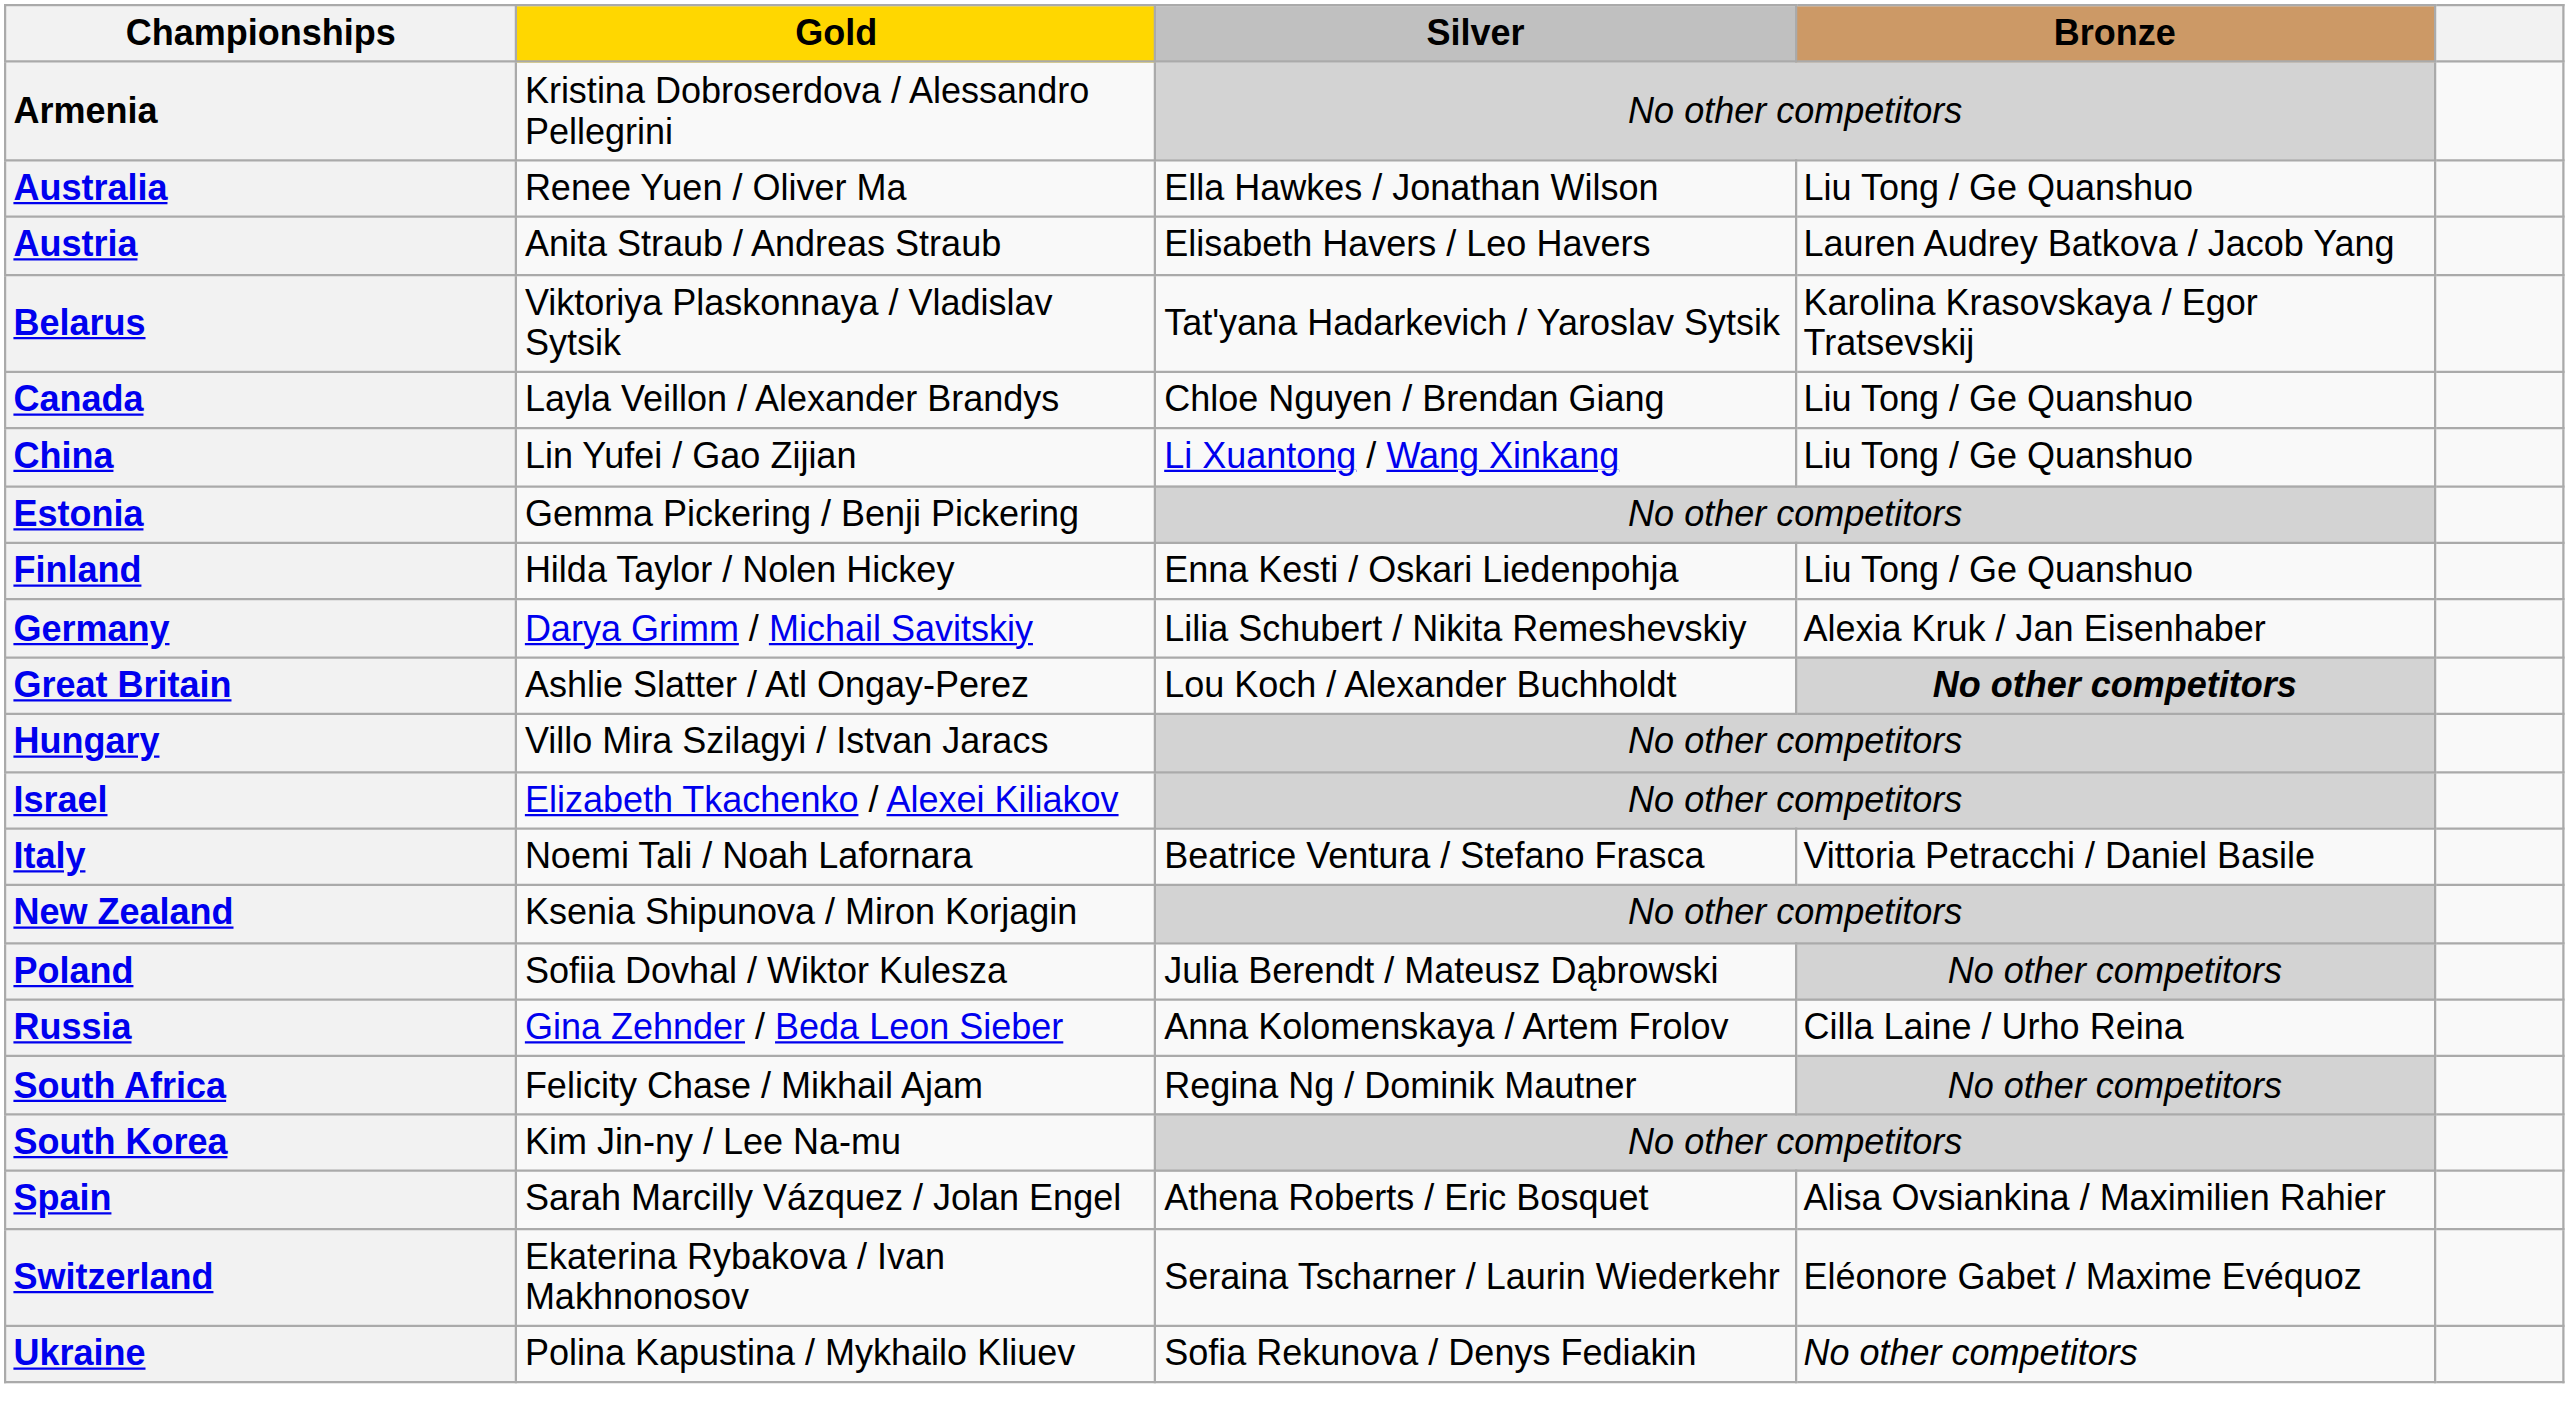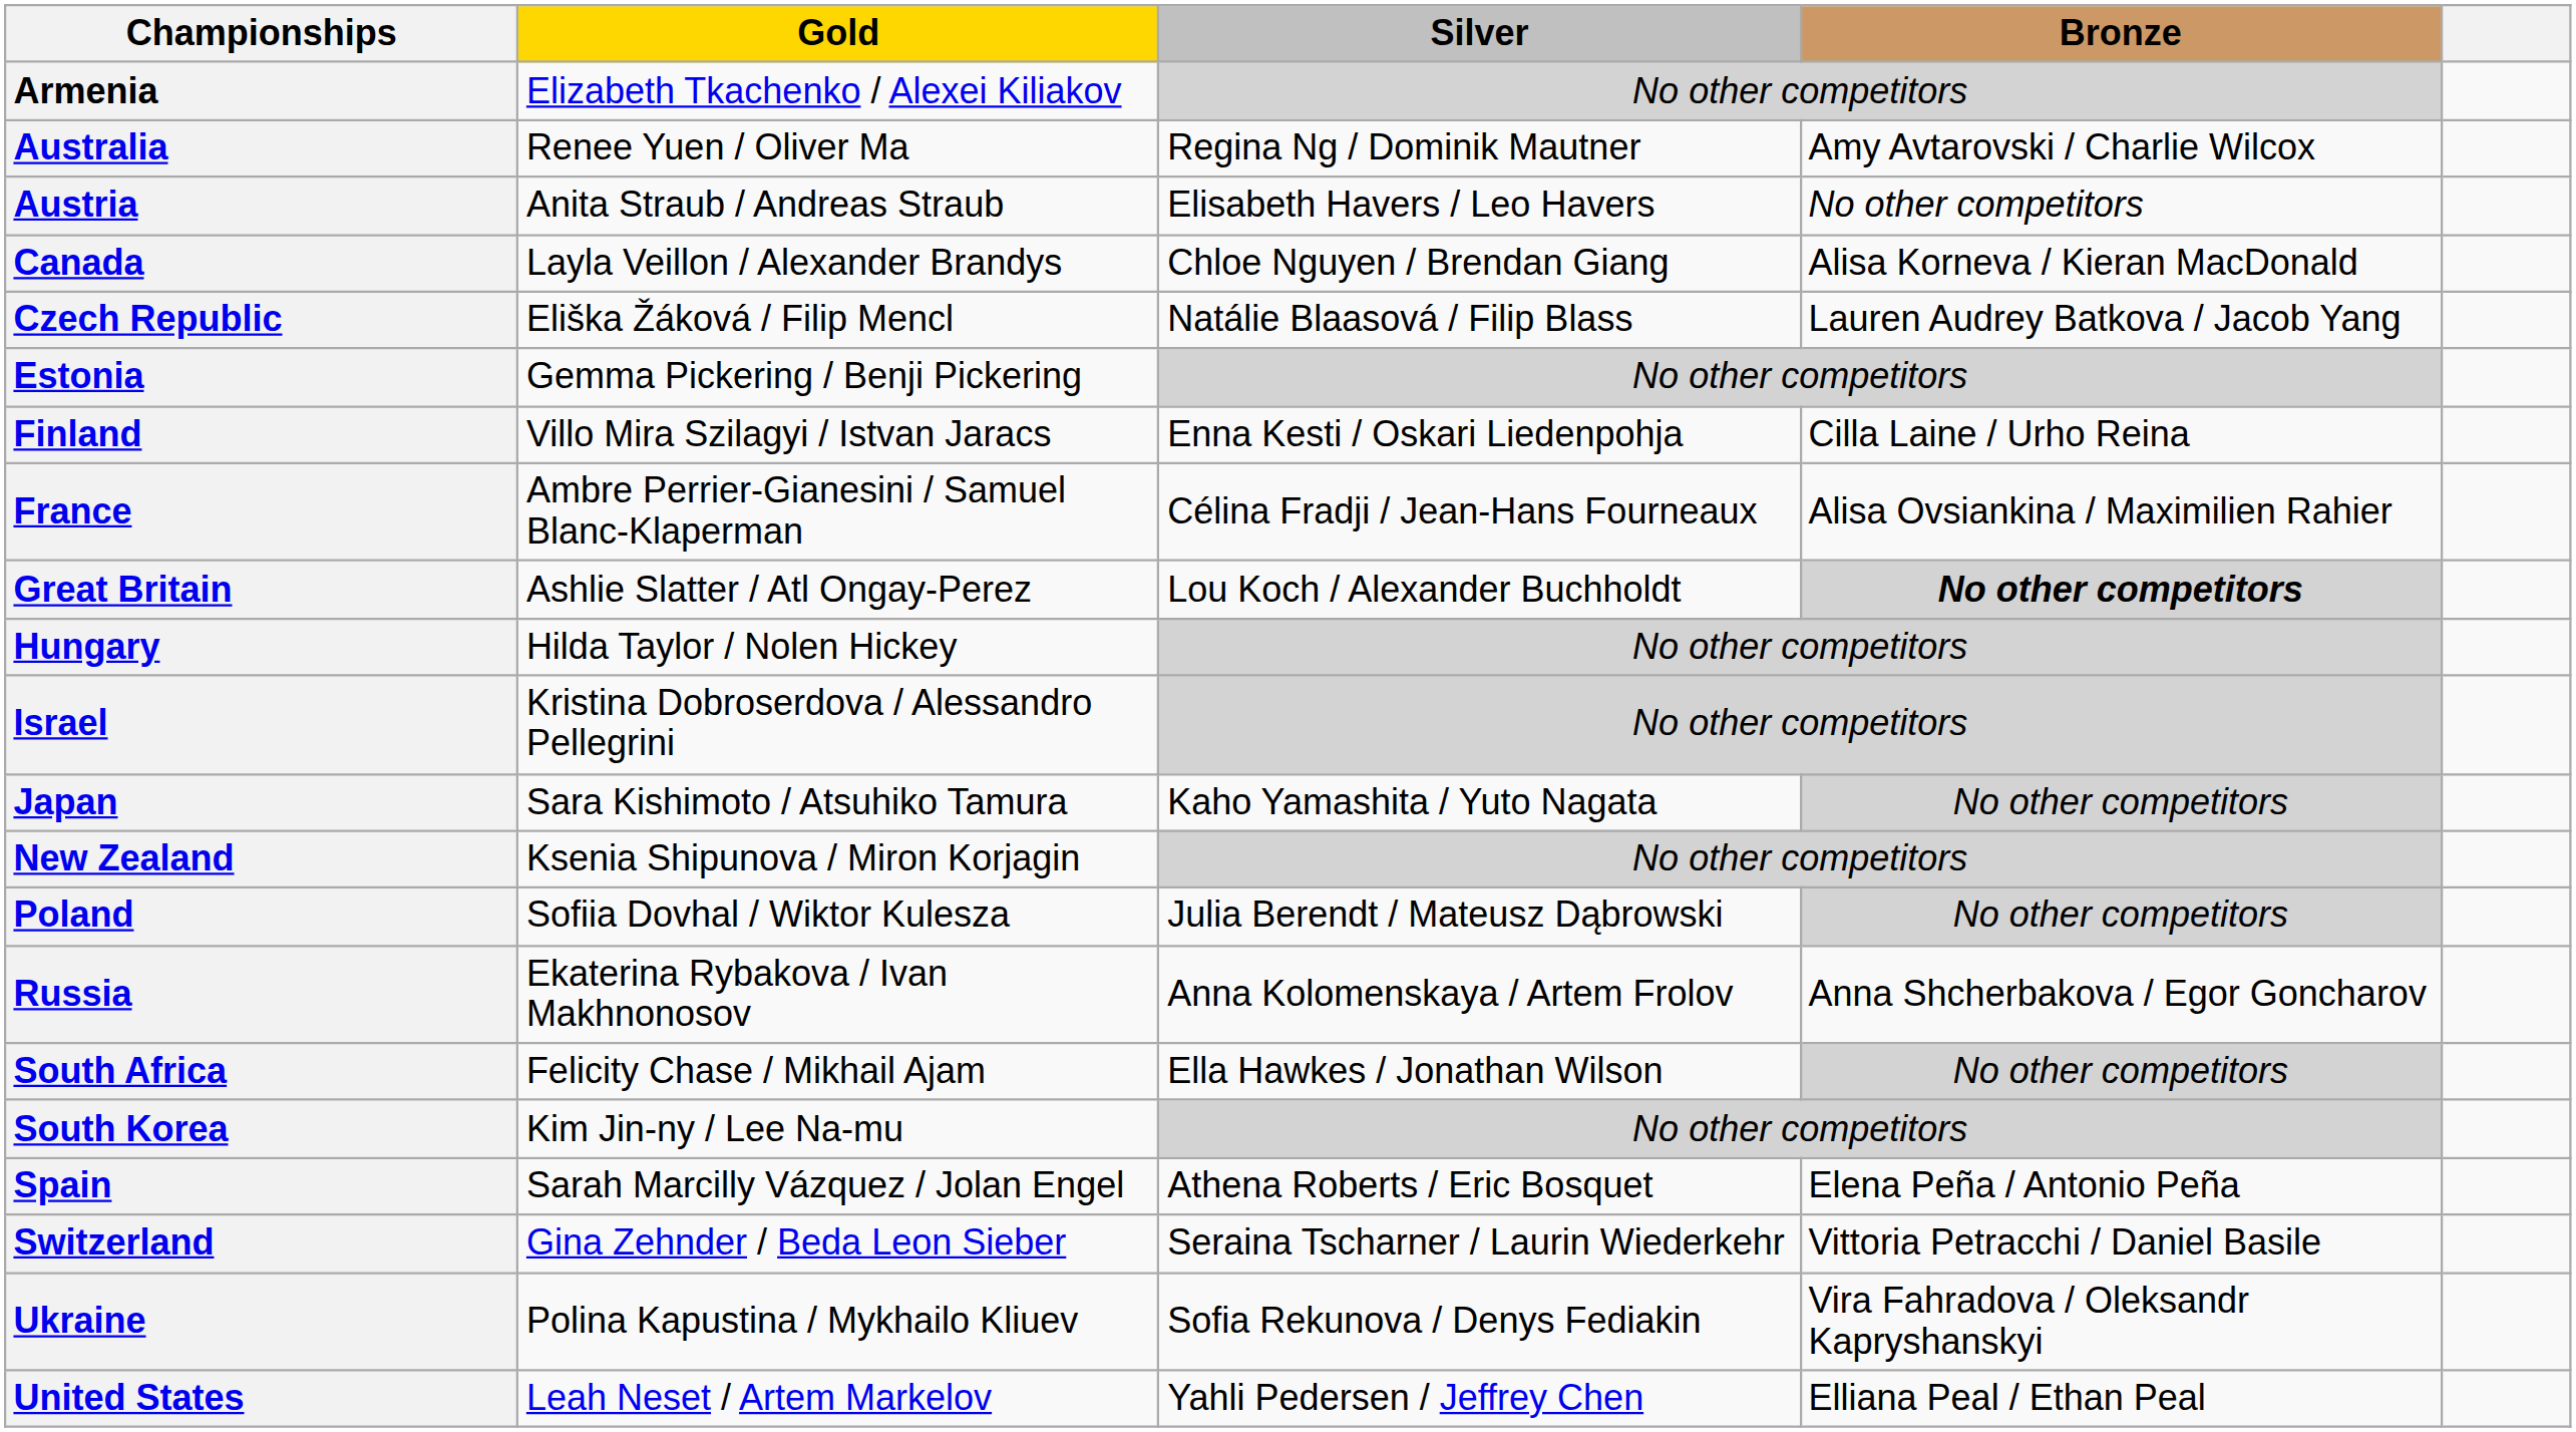 <table class="wikitable unsortable" style="text-align:left; width:90%;">
 <tr>
 <th scope="col" style="text-align:center; width:20%;">Championships</th>
 <td scope="col" style="text-align:center; width:25%; background:gold"><strong>Gold</strong></td>
 <td scope="col" style="text-align:center; width:25%; background:silver"><strong>Silver</strong></td>
 <td scope="col" style="text-align:center; width:25%; background:#c96"><strong>Bronze</strong></td>
 <th scope="col" style="text-align:center; width:5%;"></th>
 </tr>
 <tr>
 <th scope="row" style="text-align:left"> Armenia</th>
-<td>Kristina Dobroserdova / Alessandro Pellegrini</td>
+<td><a href='#'>Elizabeth Tkachenko</a> / <a href='#'>Alexei Kiliakov</a></td>
 <td colspan=2 align=center bgcolor="lightgray"><em>No other competitors</em></td>
 <td></td>
 </tr>
 <tr>
 <th scope="row" style="text-align:left"> <a href='#'>Australia</a></th>
 <td>Renee Yuen / Oliver Ma</td>
-<td>Ella Hawkes / Jonathan Wilson</td>
-<td>Liu Tong / Ge Quanshuo</td>
+<td>Regina Ng / Dominik Mautner</td>
+<td>Amy Avtarovski / Charlie Wilcox</td>
 <td></td>
 </tr>
 <tr>
 <th scope="row" style="text-align:left"> <a href='#'>Austria</a></th>
 <td>Anita Straub / Andreas Straub</td>
 <td>Elisabeth Havers / Leo Havers</td>
-<td>Lauren Audrey Batkova / Jacob Yang</td>
-<td></td>
-</tr>
-<tr>
-<th scope="row" style="text-align:left"> <a href='#'>Belarus</a></th>
-<td>Viktoriya Plaskonnaya / Vladislav Sytsik</td>
-<td>Tat'yana Hadarkevich / Yaroslav Sytsik</td>
-<td>Karolina Krasovskaya / Egor Tratsevskij</td>
+<td><em>No other competitors</em></td>
 <td></td>
 </tr>
 <tr>
 <th scope="row" style="text-align:left"> <a href='#'>Canada</a></th>
 <td>Layla Veillon / Alexander Brandys</td>
 <td>Chloe Nguyen / Brendan Giang</td>
-<td>Liu Tong / Ge Quanshuo</td>
+<td>Alisa Korneva / Kieran MacDonald</td>
 <td></td>
 </tr>
 <tr>
-<th scope="row" style="text-align:left"> <a href='#'>China</a></th>
-<td>Lin Yufei / Gao Zijian</td>
-<td><a href='#'>Li Xuantong</a> / <a href='#'>Wang Xinkang</a></td>
-<td>Liu Tong / Ge Quanshuo</td>
+<th scope="row" style="text-align:left"> <a href='#'>Czech Republic</a></th>
+<td>Eliška Žáková / Filip Mencl</td>
+<td>Natálie Blaasová / Filip Blass</td>
+<td>Lauren Audrey Batkova / Jacob Yang</td>
 <td></td>
 </tr>
 <tr>
 <th scope="row" style="text-align:left"> <a href='#'>Estonia</a></th>
 <td>Gemma Pickering / Benji Pickering</td>
 <td colspan="2" align="center" bgcolor="lightgray"><em>No other competitors</em></td>
 <td></td>
 </tr>
 <tr>
 <th scope="row" style="text-align:left"> <a href='#'>Finland</a></th>
-<td>Hilda Taylor / Nolen Hickey</td>
+<td>Villo Mira Szilagyi / Istvan Jaracs</td>
 <td>Enna Kesti / Oskari Liedenpohja</td>
-<td>Liu Tong / Ge Quanshuo</td>
+<td>Cilla Laine / Urho Reina</td>
 <td></td>
 </tr>
 <tr>
-<th scope="row" style="text-align:left"> <a href='#'>Germany</a></th>
-<td><a href='#'>Darya Grimm</a> / <a href='#'>Michail Savitskiy</a></td>
-<td>Lilia Schubert / Nikita Remeshevskiy</td>
-<td>Alexia Kruk / Jan Eisenhaber</td>
+<th scope="row" style="text-align:left"> <a href='#'>France</a></th>
+<td>Ambre Perrier-Gianesini / Samuel Blanc-Klaperman</td>
+<td>Célina Fradji / Jean-Hans Fourneaux</td>
+<td>Alisa Ovsiankina / Maximilien Rahier</td>
 <td></td>
 </tr>
 <tr>
 <th scope="row" style="text-align:left"> <a href='#'>Great Britain</a></th>
 <td>Ashlie Slatter / Atl Ongay-Perez</td>
 <td>Lou Koch / Alexander Buchholdt</td>
 <td align="center" bgcolor="lightgray"><strong><em>No other competitors</em></strong></td>
 <td></td>
 </tr>
 <tr>
 <th scope="row" style="text-align:left"> <a href='#'>Hungary</a></th>
-<td>Villo Mira Szilagyi / Istvan Jaracs</td>
+<td>Hilda Taylor / Nolen Hickey</td>
 <td colspan="2" align="center" bgcolor="lightgray"><em>No other competitors</em></td>
 <td></td>
 </tr>
 <tr>
 <th scope="row" style="text-align:left"> <a href='#'>Israel</a></th>
-<td><a href='#'>Elizabeth Tkachenko</a> / <a href='#'>Alexei Kiliakov</a></td>
+<td>Kristina Dobroserdova / Alessandro Pellegrini</td>
 <td colspan="2" align="center" bgcolor="lightgray"><em>No other competitors</em></td>
 <td></td>
 </tr>
 <tr>
-<th scope="row" style="text-align:left"> <a href='#'>Italy</a></th>
-<td>Noemi Tali / Noah Lafornara</td>
-<td>Beatrice Ventura / Stefano Frasca</td>
-<td>Vittoria Petracchi / Daniel Basile</td>
+<th scope="row" style="text-align:left"> <a href='#'>Japan</a></th>
+<td>Sara Kishimoto / Atsuhiko Tamura</td>
+<td>Kaho Yamashita / Yuto Nagata</td>
+<td align="center" bgcolor="lightgray"><em>No other competitors</em></td>
 <td></td>
 </tr>
 <tr>
 <th scope="row" style="text-align:left"> <a href='#'>New Zealand</a></th>
 <td>Ksenia Shipunova / Miron Korjagin</td>
 <td colspan=2 align="center" bgcolor="lightgray"><em>No other competitors</em></td>
 <td></td>
 </tr>
 <tr>
 <th scope="row" style="text-align:left"> <a href='#'>Poland</a></th>
 <td>Sofiia Dovhal / Wiktor Kulesza</td>
 <td>Julia Berendt / Mateusz Dąbrowski</td>
 <td align="center" bgcolor="lightgray"><em>No other competitors</em></td>
 <td></td>
 </tr>
 <tr>
 <th scope="row" style="text-align:left"> <a href='#'>Russia</a></th>
-<td><a href='#'>Gina Zehnder</a> / <a href='#'>Beda Leon Sieber</a></td>
+<td>Ekaterina Rybakova / Ivan Makhnonosov</td>
 <td>Anna Kolomenskaya / Artem Frolov</td>
-<td>Cilla Laine / Urho Reina</td>
+<td>Anna Shcherbakova  / Egor Goncharov</td>
 <td></td>
 </tr>
 <tr>
 <th scope="row" style="text-align:left"> <a href='#'>South Africa</a></th>
 <td>Felicity Chase / Mikhail Ajam</td>
-<td>Regina Ng / Dominik Mautner</td>
+<td>Ella Hawkes / Jonathan Wilson</td>
 <td align="center" bgcolor="lightgray"><em>No other competitors</em></td>
 <td></td>
 </tr>
 <tr>
 <th scope="row" style="text-align:left"> <a href='#'>South Korea</a></th>
 <td>Kim Jin-ny / Lee Na-mu</td>
 <td colspan=2 align="center" bgcolor="lightgray"><em>No other competitors</em></td>
 <td></td>
 </tr>
 <tr>
 <th scope="row" style="text-align:left"> <a href='#'>Spain</a></th>
 <td>Sarah Marcilly Vázquez / Jolan Engel</td>
 <td>Athena Roberts / Eric Bosquet</td>
-<td>Alisa Ovsiankina / Maximilien Rahier</td>
+<td>Elena Peña / Antonio Peña</td>
 <td></td>
 </tr>
 <tr>
 <th scope="row" style="text-align:left"> <a href='#'>Switzerland</a></th>
-<td>Ekaterina Rybakova / Ivan Makhnonosov</td>
+<td><a href='#'>Gina Zehnder</a> / <a href='#'>Beda Leon Sieber</a></td>
 <td>Seraina Tscharner / Laurin Wiederkehr</td>
-<td>Eléonore Gabet / Maxime Evéquoz</td>
+<td>Vittoria Petracchi / Daniel Basile</td>
 <td></td>
 </tr>
 <tr>
 <th scope="row" style="text-align:left"> <a href='#'>Ukraine</a></th>
 <td>Polina Kapustina / Mykhailo Kliuev</td>
 <td>Sofia Rekunova / Denys Fediakin</td>
-<td><em>No other competitors</em></td>
+<td>Vira Fahradova / Oleksandr Kapryshanskyi</td>
+<td></td>
+</tr>
+<tr>
+<th scope="row" style="text-align:left"> <a href='#'>United States</a></th>
+<td><a href='#'>Leah Neset</a> / <a href='#'>Artem Markelov</a></td>
+<td>Yahli Pedersen / <a href='#'>Jeffrey Chen</a></td>
+<td>Elliana Peal / Ethan Peal</td>
 <td></td>
 </tr>
 </table>
